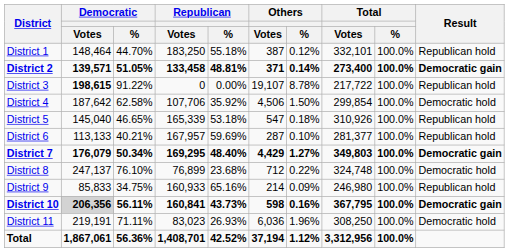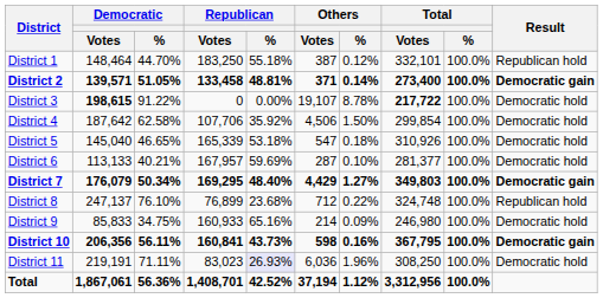 <table class="wikitable plainrowheaders sortable" style="font-size:100%; text-align:right;">
 <tr>
 <th scope=col rowspan=3><a href='#'>District</a></th>
 <th scope=col colspan=2><a href='#'>Democratic</a></th>
 <th scope=col colspan=2><a href='#'>Republican</a></th>
 <th scope=col colspan=2>Others</th>
 <th scope=col colspan=2>Total</th>
 <th scope=col rowspan=3>Result</th>
 </tr>
 <tr>
 <th scope=col colspan=2 style="background:"></th>
 <th scope=col colspan=2 style="background:"></th>
 <th scope=col colspan=2></th>
 <th scope=col colspan=2></th>
 </tr>
 <tr>
 <th scope=col data-sort-type="number">Votes</th>
 <th scope=col data-sort-type="number">%</th>
 <th scope=col data-sort-type="number">Votes</th>
 <th scope=col data-sort-type="number">%</th>
 <th scope=col data-sort-type="number">Votes</th>
 <th scope=col data-sort-type="number">%</th>
 <th scope=col data-sort-type="number">Votes</th>
 <th scope=col data-sort-type="number">%</th>
 </tr>
 <tr>
 <td align=left><a href='#'>District 1</a></td>
 <td>148,464</td>
 <td>44.70%</td>
 <td>183,250</td>
 <td>55.18%</td>
 <td>387</td>
 <td>0.12%</td>
 <td>332,101</td>
 <td>100.0%</td>
 <td align=left>Republican hold</td>
 </tr>
 <tr>
 <td align=left><strong><a href='#'>District 2</a></strong></td>
 <td><strong>139,571</strong></td>
 <td><strong>51.05%</strong></td>
 <td><strong>133,458</strong></td>
 <td><strong>48.81%</strong></td>
 <td><strong>371</strong></td>
 <td><strong>0.14%</strong></td>
 <td><strong>273,400</strong></td>
 <td><strong>100.0%</strong></td>
 <td align=left><strong>Democratic gain</strong></td>
 </tr>
 <tr>
 <td align=left><a href='#'>District 3</a></td>
 <td><strong>198,615</strong></td>
 <td>91.22%</td>
 <td>0</td>
 <td>0.00%</td>
 <td>19,107</td>
 <td>8.78%</td>
-<td>217,722</td>
+<td><strong>217,722</strong></td>
 <td>100.0%</td>
-<td align=left>Republican hold</td>
+<td align=left>Democratic hold</td>
 </tr>
 <tr>
 <td align=left><a href='#'>District 4</a></td>
 <td>187,642</td>
 <td>62.58%</td>
 <td>107,706</td>
 <td>35.92%</td>
 <td>4,506</td>
 <td>1.50%</td>
 <td>299,854</td>
 <td>100.0%</td>
 <td align=left>Democratic hold</td>
 </tr>
 <tr>
 <td align=left><a href='#'>District 5</a></td>
 <td>145,040</td>
 <td>46.65%</td>
 <td>165,339</td>
 <td>53.18%</td>
 <td>547</td>
 <td>0.18%</td>
 <td>310,926</td>
 <td>100.0%</td>
-<td align=left>Republican hold</td>
+<td align=left>Democratic hold</td>
 </tr>
 <tr>
 <td align=left><a href='#'>District 6</a></td>
 <td>113,133</td>
 <td>40.21%</td>
 <td>167,957</td>
 <td>59.69%</td>
 <td>287</td>
 <td>0.10%</td>
 <td>281,377</td>
 <td>100.0%</td>
-<td align=left>Republican hold</td>
+<td align=left>Democratic hold</td>
 </tr>
 <tr>
 <td align=left><strong><a href='#'>District 7</a></strong></td>
 <td><strong>176,079</strong></td>
 <td><strong>50.34%</strong></td>
 <td><strong>169,295</strong></td>
 <td><strong>48.40%</strong></td>
 <td><strong>4,429</strong></td>
 <td><strong>1.27%</strong></td>
 <td><strong>349,803</strong></td>
 <td><strong>100.0%</strong></td>
 <td align=left><strong>Democratic gain</strong></td>
 </tr>
 <tr>
 <td align=left><a href='#'>District 8</a></td>
 <td>247,137</td>
 <td>76.10%</td>
 <td>76,899</td>
 <td>23.68%</td>
 <td>712</td>
 <td>0.22%</td>
 <td>324,748</td>
 <td>100.0%</td>
-<td align=left>Democratic hold</td>
+<td align=left>Republican hold</td>
 </tr>
 <tr>
 <td align=left><a href='#'>District 9</a></td>
 <td>85,833</td>
 <td>34.75%</td>
 <td>160,933</td>
 <td>65.16%</td>
 <td>214</td>
 <td>0.09%</td>
 <td>246,980</td>
 <td>100.0%</td>
-<td align=left>Republican hold</td>
+<td align=left>Democratic hold</td>
 </tr>
 <tr>
 <td align=left><strong><a href='#'>District 10</a></strong></td>
-<td style="background: lightgrey;"><strong>206,356</strong></td>
+<td><strong>206,356</strong></td>
 <td><strong>56.11%</strong></td>
 <td><strong>160,841</strong></td>
 <td><strong>43.73%</strong></td>
 <td><strong>598</strong></td>
 <td><strong>0.16%</strong></td>
 <td><strong>367,795</strong></td>
 <td><strong>100.0%</strong></td>
 <td align=left><strong>Democratic gain</strong></td>
 </tr>
 <tr>
 <td align=left><a href='#'>District 11</a></td>
 <td>219,191</td>
 <td>71.11%</td>
 <td>83,023</td>
-<td>26.93%</td>
+<td style="background: lavender;">26.93%</td>
 <td>6,036</td>
 <td>1.96%</td>
 <td>308,250</td>
 <td>100.0%</td>
 <td align=left>Democratic hold</td>
 </tr>
 <tr class="sortbottom" style="font-weight:bold">
 <td align=left>Total</td>
 <td>1,867,061</td>
 <td>56.36%</td>
 <td>1,408,701</td>
 <td>42.52%</td>
 <td>37,194</td>
 <td>1.12%</td>
 <td>3,312,956</td>
 <td>100.0%</td>
 <td></td>
 </tr>
 </table>
